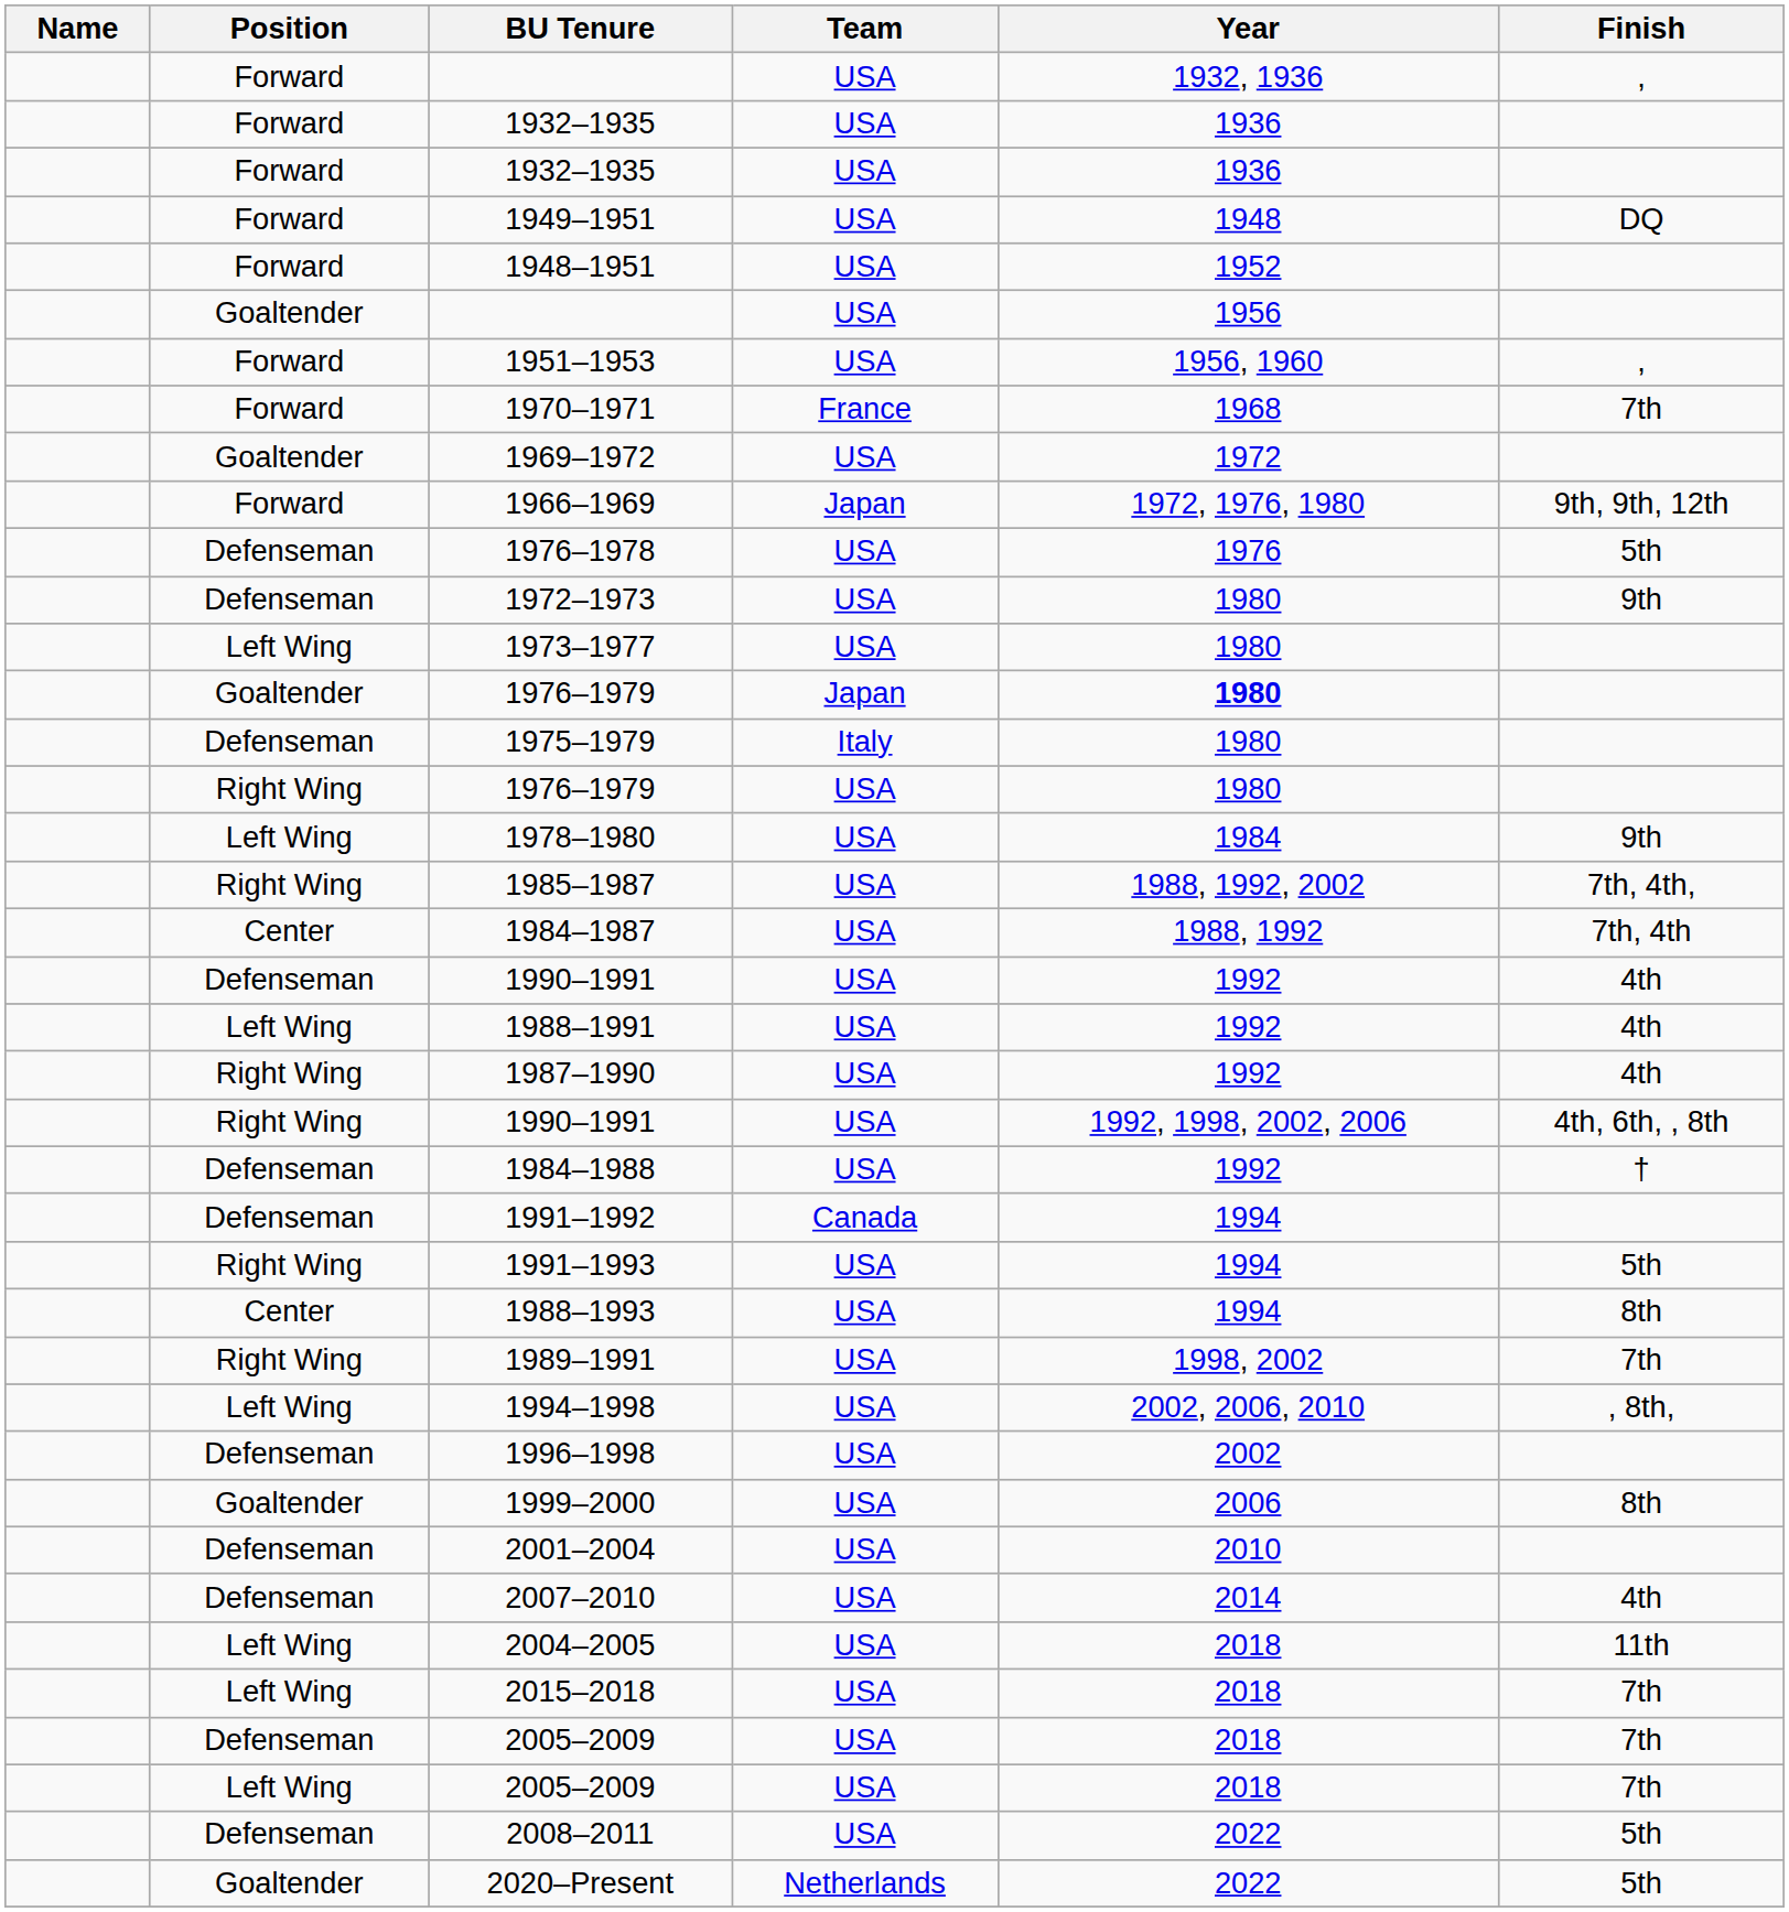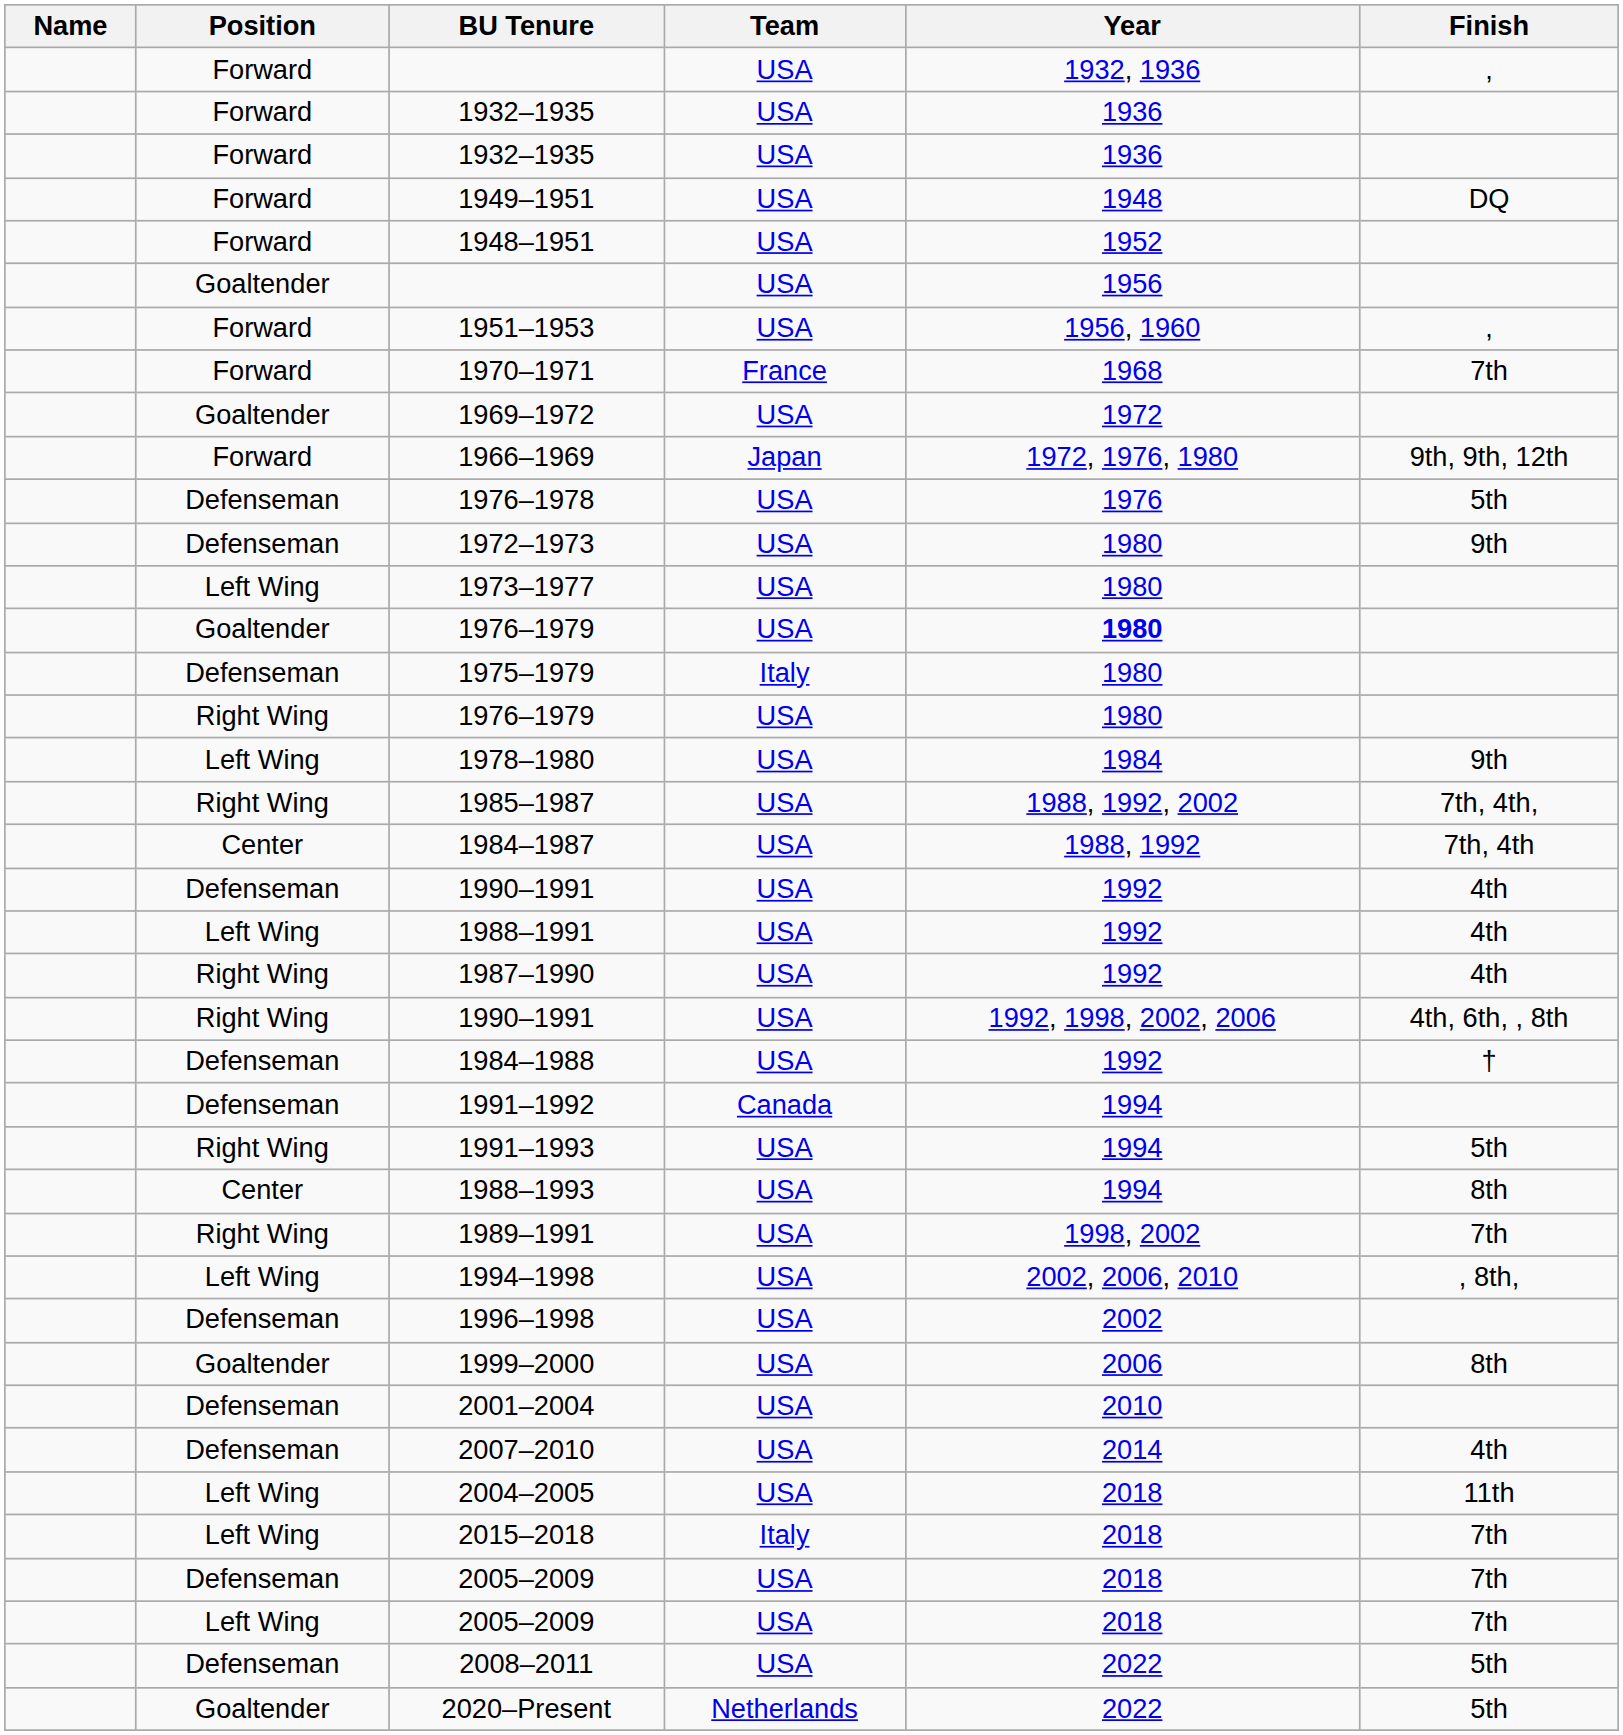 <table class="wikitable sortable" width="60%">
 <tr>
 <th>Name</th>
 <th>Position</th>
 <th>BU Tenure</th>
 <th>Team</th>
 <th>Year</th>
 <th>Finish</th>
 </tr>
 <tr align="center">
 <td></td>
 <td>Forward</td>
 <td></td>
 <td> <a href='#'>USA</a></td>
 <td><a href='#'>1932</a>, <a href='#'>1936</a></td>
 <td>, </td>
 </tr>
 <tr align="center">
 <td></td>
 <td>Forward</td>
 <td>1932–1935</td>
 <td> <a href='#'>USA</a></td>
 <td><a href='#'>1936</a></td>
 <td></td>
 </tr>
 <tr align="center">
 <td></td>
 <td>Forward</td>
 <td>1932–1935</td>
 <td> <a href='#'>USA</a></td>
 <td><a href='#'>1936</a></td>
 <td></td>
 </tr>
 <tr align="center">
 <td></td>
 <td>Forward</td>
 <td>1949–1951</td>
 <td> <a href='#'>USA</a></td>
 <td><a href='#'>1948</a></td>
 <td>DQ</td>
 </tr>
 <tr align="center">
 <td></td>
 <td>Forward</td>
 <td>1948–1951</td>
 <td> <a href='#'>USA</a></td>
 <td><a href='#'>1952</a></td>
 <td></td>
 </tr>
 <tr align="center">
 <td></td>
 <td>Goaltender</td>
 <td></td>
 <td> <a href='#'>USA</a></td>
 <td><a href='#'>1956</a></td>
 <td></td>
 </tr>
 <tr align="center">
 <td></td>
 <td>Forward</td>
 <td>1951–1953</td>
 <td> <a href='#'>USA</a></td>
 <td><a href='#'>1956</a>, <a href='#'>1960</a></td>
 <td>, </td>
 </tr>
 <tr align="center">
 <td></td>
 <td>Forward</td>
 <td>1970–1971</td>
 <td> <a href='#'>France</a></td>
 <td><a href='#'>1968</a></td>
 <td>7th</td>
 </tr>
 <tr align="center">
 <td></td>
 <td>Goaltender</td>
 <td>1969–1972</td>
 <td> <a href='#'>USA</a></td>
 <td><a href='#'>1972</a></td>
 <td></td>
 </tr>
 <tr align="center">
 <td></td>
 <td>Forward</td>
 <td>1966–1969</td>
 <td> <a href='#'>Japan</a></td>
 <td><a href='#'>1972</a>, <a href='#'>1976</a>, <a href='#'>1980</a></td>
 <td>9th, 9th, 12th</td>
 </tr>
 <tr align="center">
 <td></td>
 <td>Defenseman</td>
 <td>1976–1978</td>
 <td> <a href='#'>USA</a></td>
 <td><a href='#'>1976</a></td>
 <td>5th</td>
 </tr>
 <tr align="center">
 <td></td>
 <td>Defenseman</td>
 <td>1972–1973</td>
 <td> <a href='#'>USA</a></td>
 <td><a href='#'>1980</a></td>
 <td>9th</td>
 </tr>
 <tr align="center">
 <td></td>
 <td>Left Wing</td>
 <td>1973–1977</td>
 <td> <a href='#'>USA</a></td>
 <td><a href='#'>1980</a></td>
 <td></td>
 </tr>
 <tr align="center">
 <td></td>
 <td>Goaltender</td>
 <td>1976–1979</td>
-<td> <a href='#'>Japan</a></td>
+<td> <a href='#'>USA</a></td>
 <td><strong><a href='#'>1980</a></strong></td>
 <td></td>
 </tr>
 <tr align="center">
 <td></td>
 <td>Defenseman</td>
 <td>1975–1979</td>
 <td> <a href='#'>Italy</a></td>
 <td><a href='#'>1980</a></td>
 <td></td>
 </tr>
 <tr align="center">
 <td></td>
 <td>Right Wing</td>
 <td>1976–1979</td>
 <td> <a href='#'>USA</a></td>
 <td><a href='#'>1980</a></td>
 <td></td>
 </tr>
 <tr align="center">
 <td></td>
 <td>Left Wing</td>
 <td>1978–1980</td>
 <td> <a href='#'>USA</a></td>
 <td><a href='#'>1984</a></td>
 <td>9th</td>
 </tr>
 <tr align="center">
 <td></td>
 <td>Right Wing</td>
 <td>1985–1987</td>
 <td> <a href='#'>USA</a></td>
 <td><a href='#'>1988</a>, <a href='#'>1992</a>, <a href='#'>2002</a></td>
 <td>7th, 4th, </td>
 </tr>
 <tr align="center">
 <td></td>
 <td>Center</td>
 <td>1984–1987</td>
 <td> <a href='#'>USA</a></td>
 <td><a href='#'>1988</a>, <a href='#'>1992</a></td>
 <td>7th, 4th</td>
 </tr>
 <tr align="center">
 <td></td>
 <td>Defenseman</td>
 <td>1990–1991</td>
 <td> <a href='#'>USA</a></td>
 <td><a href='#'>1992</a></td>
 <td>4th</td>
 </tr>
 <tr align="center">
 <td></td>
 <td>Left Wing</td>
 <td>1988–1991</td>
 <td> <a href='#'>USA</a></td>
 <td><a href='#'>1992</a></td>
 <td>4th</td>
 </tr>
 <tr align="center">
 <td></td>
 <td>Right Wing</td>
 <td>1987–1990</td>
 <td> <a href='#'>USA</a></td>
 <td><a href='#'>1992</a></td>
 <td>4th</td>
 </tr>
 <tr align="center">
 <td></td>
 <td>Right Wing</td>
 <td>1990–1991</td>
 <td> <a href='#'>USA</a></td>
 <td><a href='#'>1992</a>, <a href='#'>1998</a>, <a href='#'>2002</a>, <a href='#'>2006</a></td>
 <td>4th, 6th, , 8th</td>
 </tr>
 <tr align="center">
 <td></td>
 <td>Defenseman</td>
 <td>1984–1988</td>
 <td> <a href='#'>USA</a></td>
 <td><a href='#'>1992</a></td>
 <td>†</td>
 </tr>
 <tr align="center">
 <td></td>
 <td>Defenseman</td>
 <td>1991–1992</td>
 <td> <a href='#'>Canada</a></td>
 <td><a href='#'>1994</a></td>
 <td></td>
 </tr>
 <tr align="center">
 <td></td>
 <td>Right Wing</td>
 <td>1991–1993</td>
 <td> <a href='#'>USA</a></td>
 <td><a href='#'>1994</a></td>
 <td>5th</td>
 </tr>
 <tr align="center">
 <td></td>
 <td>Center</td>
 <td>1988–1993</td>
 <td> <a href='#'>USA</a></td>
 <td><a href='#'>1994</a></td>
 <td>8th</td>
 </tr>
 <tr align="center">
 <td></td>
 <td>Right Wing</td>
 <td>1989–1991</td>
 <td> <a href='#'>USA</a></td>
 <td><a href='#'>1998</a>, <a href='#'>2002</a></td>
 <td>7th</td>
 </tr>
 <tr align="center">
 <td></td>
 <td>Left Wing</td>
 <td>1994–1998</td>
 <td> <a href='#'>USA</a></td>
 <td><a href='#'>2002</a>, <a href='#'>2006</a>, <a href='#'>2010</a></td>
 <td>, 8th, </td>
 </tr>
 <tr align="center">
 <td></td>
 <td>Defenseman</td>
 <td>1996–1998</td>
 <td> <a href='#'>USA</a></td>
 <td><a href='#'>2002</a></td>
 <td></td>
 </tr>
 <tr align="center">
 <td></td>
 <td>Goaltender</td>
 <td>1999–2000</td>
 <td> <a href='#'>USA</a></td>
 <td><a href='#'>2006</a></td>
 <td>8th</td>
 </tr>
 <tr align="center">
 <td></td>
 <td>Defenseman</td>
 <td>2001–2004</td>
 <td> <a href='#'>USA</a></td>
 <td><a href='#'>2010</a></td>
 <td></td>
 </tr>
 <tr align="center">
 <td></td>
 <td>Defenseman</td>
 <td>2007–2010</td>
 <td> <a href='#'>USA</a></td>
 <td><a href='#'>2014</a></td>
 <td>4th</td>
 </tr>
 <tr align="center">
 <td></td>
 <td>Left Wing</td>
 <td>2004–2005</td>
 <td> <a href='#'>USA</a></td>
 <td><a href='#'>2018</a></td>
 <td>11th</td>
 </tr>
 <tr align="center">
 <td></td>
 <td>Left Wing</td>
 <td>2015–2018</td>
-<td> <a href='#'>USA</a></td>
+<td> <a href='#'>Italy</a></td>
 <td><a href='#'>2018</a></td>
 <td>7th</td>
 </tr>
 <tr align="center">
 <td></td>
 <td>Defenseman</td>
 <td>2005–2009</td>
 <td> <a href='#'>USA</a></td>
 <td><a href='#'>2018</a></td>
 <td>7th</td>
 </tr>
 <tr align="center">
 <td></td>
 <td>Left Wing</td>
 <td>2005–2009</td>
 <td> <a href='#'>USA</a></td>
 <td><a href='#'>2018</a></td>
 <td>7th</td>
 </tr>
 <tr align="center">
 <td></td>
 <td>Defenseman</td>
 <td>2008–2011</td>
 <td> <a href='#'>USA</a></td>
 <td><a href='#'>2022</a></td>
 <td>5th</td>
 </tr>
 <tr align="center">
 <td></td>
 <td>Goaltender</td>
 <td>2020–Present</td>
 <td> <a href='#'>Netherlands</a></td>
 <td><a href='#'>2022</a></td>
 <td>5th</td>
 </tr>
 <tr align="center">
 </tr>
 </table>
